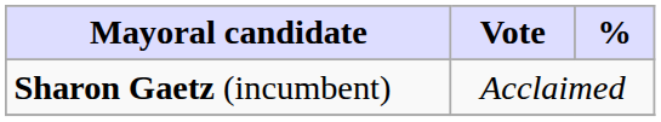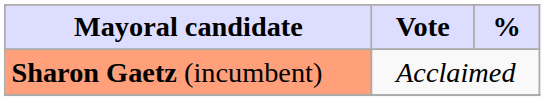 <table class="wikitable">
 <tr>
 <th style="background:#ddf;" width="200px">Mayoral candidate</th>
 <th style="background:#ddf;" width="50px">Vote</th>
 <th style="background:#ddf;" width="30px">%</th>
 </tr>
 <tr>
-<td><strong>Sharon Gaetz</strong> (incumbent)</td>
+<td style="background: lightsalmon;"><strong>Sharon Gaetz</strong> (incumbent)</td>
 <td colspan=2 style="text-align: center;"><em>Acclaimed</em></td>
 </tr>
 <tr>
 </tr>
 </table>
